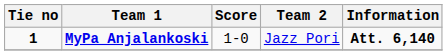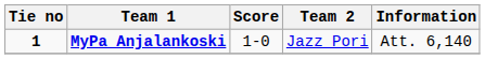 <table class="wikitable" style="text-align:center">
 <tr>
 <th style= width="40px">Tie no</th>
 <th style= width="150px">Team 1</th>
 <th style= width="60px">Score</th>
 <th style= width="150px">Team 2</th>
 <th style= width="30px">Information</th>
 </tr>
 <tr>
 <td><strong>1</strong></td>
 <td><strong><a href='#'>MyPa Anjalankoski</a></strong></td>
 <td>1-0</td>
 <td><a href='#'>Jazz Pori</a></td>
-<td><strong>Att. 6,140</strong></td>
+<td>Att. 6,140</td>
 </tr>
 <tr>
 </tr>
 </table>
